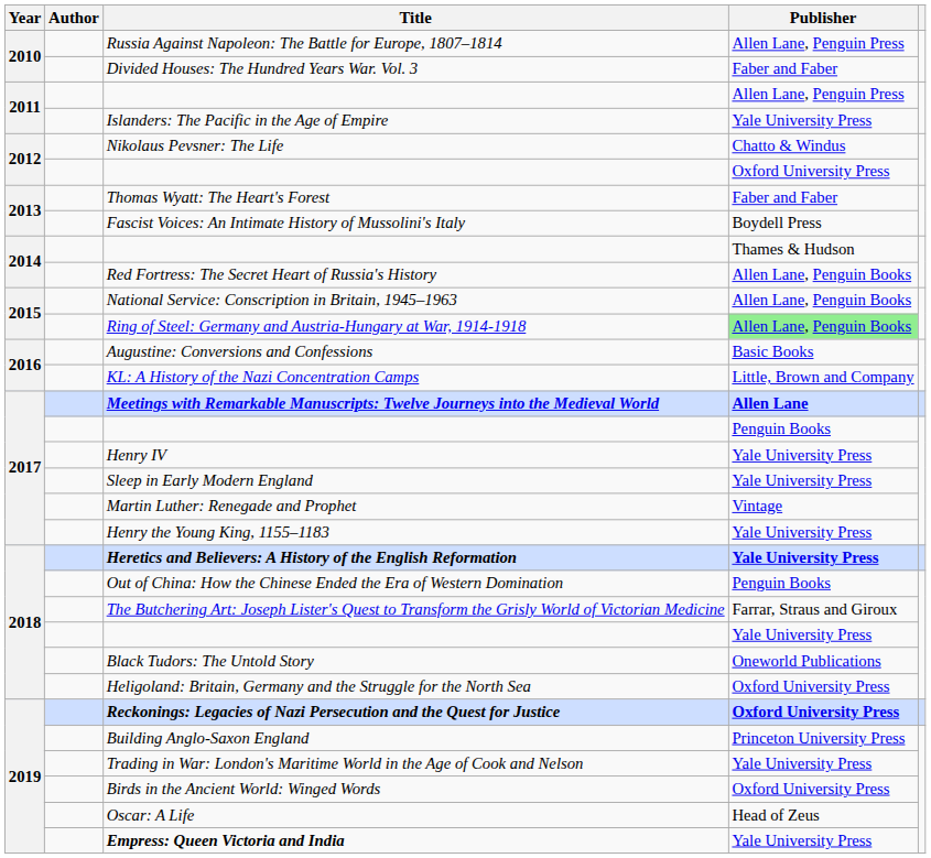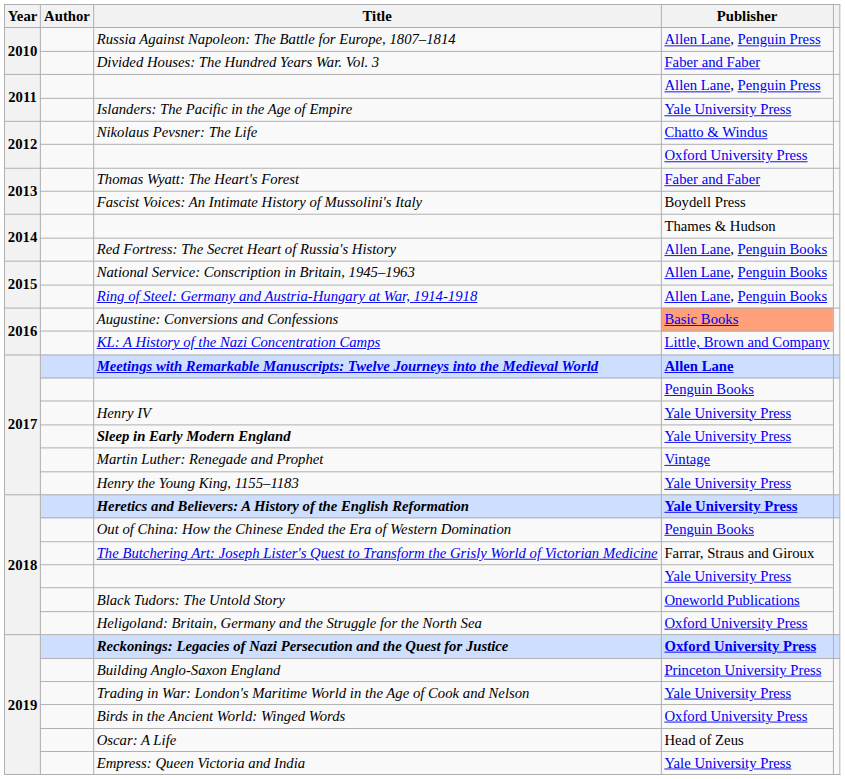 <table class="wikitable sortable mw-collapsible">
 <tr>
 <th>Year</th>
 <th>Author</th>
 <th>Title</th>
 <th>Publisher</th>
 <th></th>
 </tr>
 <tr>
 <th rowspan="2">2010</th>
 <td></td>
 <td><em>Russia Against Napoleon: The Battle for Europe, 1807–1814</em></td>
 <td><a href='#'>Allen Lane</a>, <a href='#'>Penguin Press</a></td>
 <td rowspan="2"></td>
 </tr>
 <tr>
 <td></td>
 <td><em>Divided Houses: The Hundred Years War. Vol. 3</em></td>
 <td><a href='#'>Faber and Faber</a></td>
 </tr>
 <tr>
 <th rowspan="2">2011</th>
 <td></td>
 <td><em></em></td>
 <td><a href='#'>Allen Lane</a>, <a href='#'>Penguin Press</a></td>
 <td rowspan="2"></td>
 </tr>
 <tr>
 <td></td>
 <td><em>Islanders: The Pacific in the Age of Empire</em></td>
 <td><a href='#'>Yale University Press</a></td>
 </tr>
 <tr>
 <th rowspan="2">2012</th>
 <td></td>
 <td><em>Nikolaus Pevsner: The Life</em></td>
 <td><a href='#'>Chatto & Windus</a></td>
 <td rowspan="2"></td>
 </tr>
 <tr>
 <td></td>
 <td><em></em></td>
 <td><a href='#'>Oxford University Press</a></td>
 </tr>
 <tr>
 <th rowspan="2">2013</th>
 <td></td>
 <td><em>Thomas Wyatt: The Heart's Forest</em></td>
 <td><a href='#'>Faber and Faber</a></td>
 <td rowspan="2"></td>
 </tr>
 <tr>
 <td></td>
 <td><em>Fascist Voices: An Intimate History of Mussolini's Italy</em></td>
 <td>Boydell Press</td>
 </tr>
 <tr>
 <th rowspan="2">2014</th>
 <td></td>
 <td><em></em></td>
 <td>Thames & Hudson</td>
 <td rowspan="2"></td>
 </tr>
 <tr>
 <td></td>
 <td><em> Red Fortress: The Secret Heart of Russia's History</em></td>
 <td><a href='#'>Allen Lane</a>, <a href='#'>Penguin Books</a></td>
 </tr>
 <tr>
 <th rowspan="2">2015</th>
 <td></td>
 <td><em>National Service: Conscription in Britain, 1945–1963</em></td>
 <td><a href='#'>Allen Lane</a>, <a href='#'>Penguin Books</a></td>
 <td rowspan="2"></td>
 </tr>
 <tr>
 <td></td>
 <td><em><a href='#'>Ring of Steel: Germany and Austria-Hungary at War, 1914-1918</a></em></td>
-<td style="background: lightgreen;"><a href='#'>Allen Lane</a>, <a href='#'>Penguin Books</a></td>
+<td><a href='#'>Allen Lane</a>, <a href='#'>Penguin Books</a></td>
 </tr>
 <tr>
 <th rowspan="2">2016</th>
 <td></td>
 <td><em>Augustine: Conversions and Confessions</em></td>
-<td><a href='#'>Basic Books</a></td>
+<td style="background: lightsalmon;"><a href='#'>Basic Books</a></td>
 <td rowspan="2"></td>
 </tr>
 <tr>
 <td></td>
 <td><em><a href='#'>KL: A History of the Nazi Concentration Camps</a></em></td>
 <td><a href='#'>Little, Brown and Company</a></td>
 </tr>
 <tr style="background:#cddeff">
 <th rowspan="6">2017</th>
 <td><strong></strong></td>
 <td><strong><em><a href='#'>Meetings with Remarkable Manuscripts: Twelve Journeys into the Medieval World</a></em></strong></td>
 <td><strong><a href='#'>Allen Lane</a></strong></td>
 <td></td>
 </tr>
 <tr>
 <td></td>
 <td><em></em></td>
 <td><a href='#'>Penguin Books</a></td>
 <td rowspan="5"></td>
 </tr>
 <tr>
 <td></td>
 <td><em>Henry IV</em></td>
 <td><a href='#'>Yale University Press</a></td>
 </tr>
 <tr>
 <td></td>
-<td><em>Sleep in Early Modern England</em></td>
+<td><strong><em>Sleep in Early Modern England</em></strong></td>
 <td><a href='#'>Yale University Press</a></td>
 </tr>
 <tr>
 <td></td>
 <td><em>Martin Luther: Renegade and Prophet</em></td>
 <td><a href='#'>Vintage</a></td>
 </tr>
 <tr>
 <td></td>
 <td><em>Henry the Young King, 1155–1183</em></td>
 <td><a href='#'>Yale University Press</a></td>
 </tr>
 <tr style="background:#cddeff">
 <th rowspan="6">2018</th>
 <td><strong></strong></td>
 <td><strong><em>Heretics and Believers: A History of the English Reformation</em></strong></td>
 <td><strong><a href='#'>Yale University Press</a></strong></td>
 <td></td>
 </tr>
 <tr>
 <td></td>
 <td><em>Out of China: How the Chinese Ended the Era of Western Domination</em></td>
 <td><a href='#'>Penguin Books</a></td>
 <td rowspan="5"></td>
 </tr>
 <tr>
 <td></td>
 <td><em><a href='#'>The Butchering Art: Joseph Lister's Quest to Transform the Grisly World of Victorian Medicine</a></em></td>
 <td>Farrar, Straus and Giroux</td>
 </tr>
 <tr>
 <td></td>
 <td><em></em></td>
 <td><a href='#'>Yale University Press</a></td>
 </tr>
 <tr>
 <td></td>
 <td><em>Black Tudors: The Untold Story</em></td>
 <td><a href='#'>Oneworld Publications</a></td>
 </tr>
 <tr>
 <td></td>
 <td><em>Heligoland: Britain, Germany and the Struggle for the North Sea</em></td>
 <td><a href='#'>Oxford University Press</a></td>
 </tr>
 <tr style="background:#cddeff">
 <th rowspan="6">2019</th>
 <td><strong></strong></td>
 <td><strong><em>Reckonings: Legacies of Nazi Persecution and the Quest for Justice</em></strong></td>
 <td><strong><a href='#'>Oxford University Press</a></strong></td>
 <td></td>
 </tr>
 <tr>
 <td></td>
 <td><em>Building Anglo-Saxon England</em></td>
 <td><a href='#'>Princeton University Press</a></td>
 <td rowspan="5"></td>
 </tr>
 <tr>
 <td></td>
 <td><em>Trading in War: London's Maritime World in the Age of Cook and Nelson</em></td>
 <td><a href='#'>Yale University Press</a></td>
 </tr>
 <tr>
 <td></td>
 <td><em>Birds in the Ancient World: Winged Words</em></td>
 <td><a href='#'>Oxford University Press</a></td>
 </tr>
 <tr>
 <td></td>
 <td><em>Oscar: A Life</em></td>
 <td>Head of Zeus</td>
 </tr>
 <tr>
 <td></td>
-<td><strong><em>Empress: Queen Victoria and India</em></strong></td>
+<td><em>Empress: Queen Victoria and India</em></td>
 <td><a href='#'>Yale University Press</a></td>
 </tr>
 </table>
